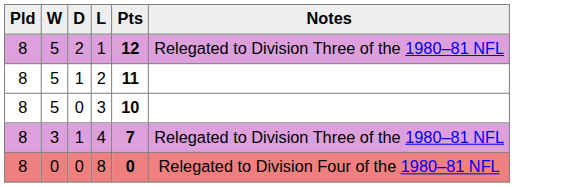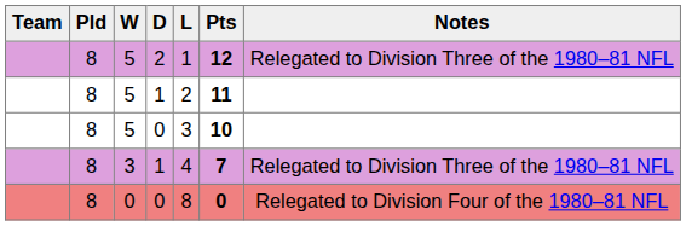 <table style=border-collapse:collapse border=1 cellspacing=0 cellpadding=5>
 <tr align=center bgcolor=#efefef>
+<th>Team</th>
 <th>Pld</th>
 <th>W</th>
 <th>D</th>
 <th>L</th>
 <th>Pts</th>
 <th>Notes</th>
 </tr>
 <tr align=center style="background:#dda0dd;">
+<td style="text-align:left;"> </td>
 <td>8</td>
 <td>5</td>
 <td>2</td>
 <td>1</td>
 <td><strong>12</strong></td>
 <td rowspan=1>Relegated to Division Three of the <a href='#'>1980–81 NFL</a></td>
 </tr>
 <tr align=center style="background:#FFFFFF;">
+<td style="text-align:left;"> </td>
 <td>8</td>
 <td>5</td>
 <td>1</td>
 <td>2</td>
 <td><strong>11</strong></td>
 <td rowspan=1></td>
 </tr>
 <tr align=center style="background:#FFFFFF;">
+<td style="text-align:left;"> </td>
 <td>8</td>
 <td>5</td>
 <td>0</td>
 <td>3</td>
 <td><strong>10</strong></td>
 <td rowspan=1></td>
 </tr>
 <tr align=center style="background:#dda0dd;">
+<td style="text-align:left;"> </td>
 <td>8</td>
 <td>3</td>
 <td>1</td>
 <td>4</td>
 <td><strong>7</strong></td>
 <td rowspan=1>Relegated to Division Three of the <a href='#'>1980–81 NFL</a></td>
 </tr>
 <tr align=center style="background:#F08080">
+<td style="text-align:left;"> </td>
 <td>8</td>
 <td>0</td>
 <td>0</td>
 <td>8</td>
 <td><strong>0</strong></td>
 <td rowspan=1>Relegated to Division Four of the <a href='#'>1980–81 NFL</a></td>
 </tr>
 </table>
